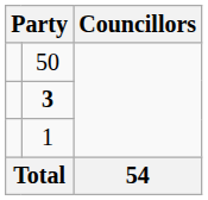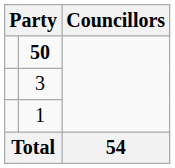 <table class="wikitable">
 <tr>
 <th colspan=2>Party</th>
 <th>Councillors</th>
 </tr>
 <tr>
 <td></td>
-<td align=center>50</td>
+<td align=center><strong>50</strong></td>
 </tr>
 <tr>
 <td></td>
-<td align=center><strong>3</strong></td>
+<td align=center>3</td>
 </tr>
 <tr>
 <td></td>
 <td align=center>1</td>
 </tr>
 <tr>
 <th colspan=2>Total</th>
 <th align=center>54</th>
 </tr>
 </table>
